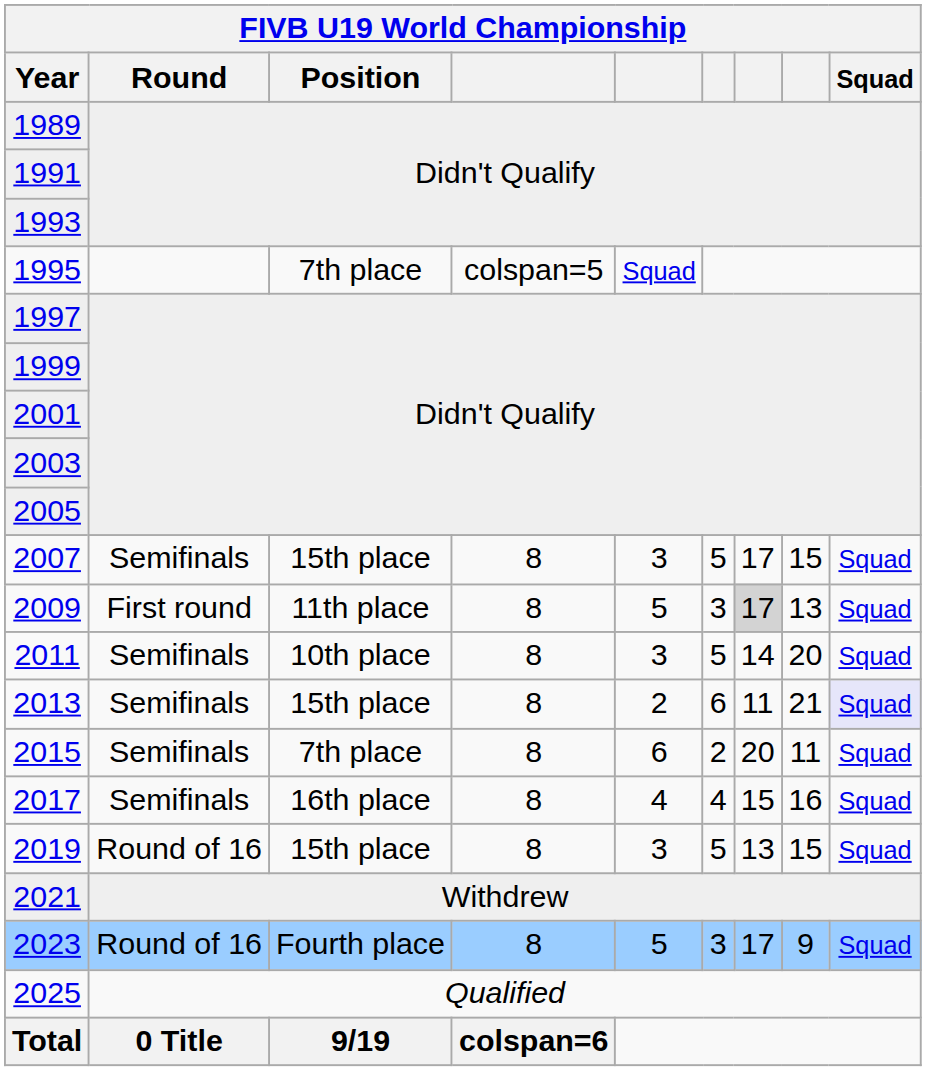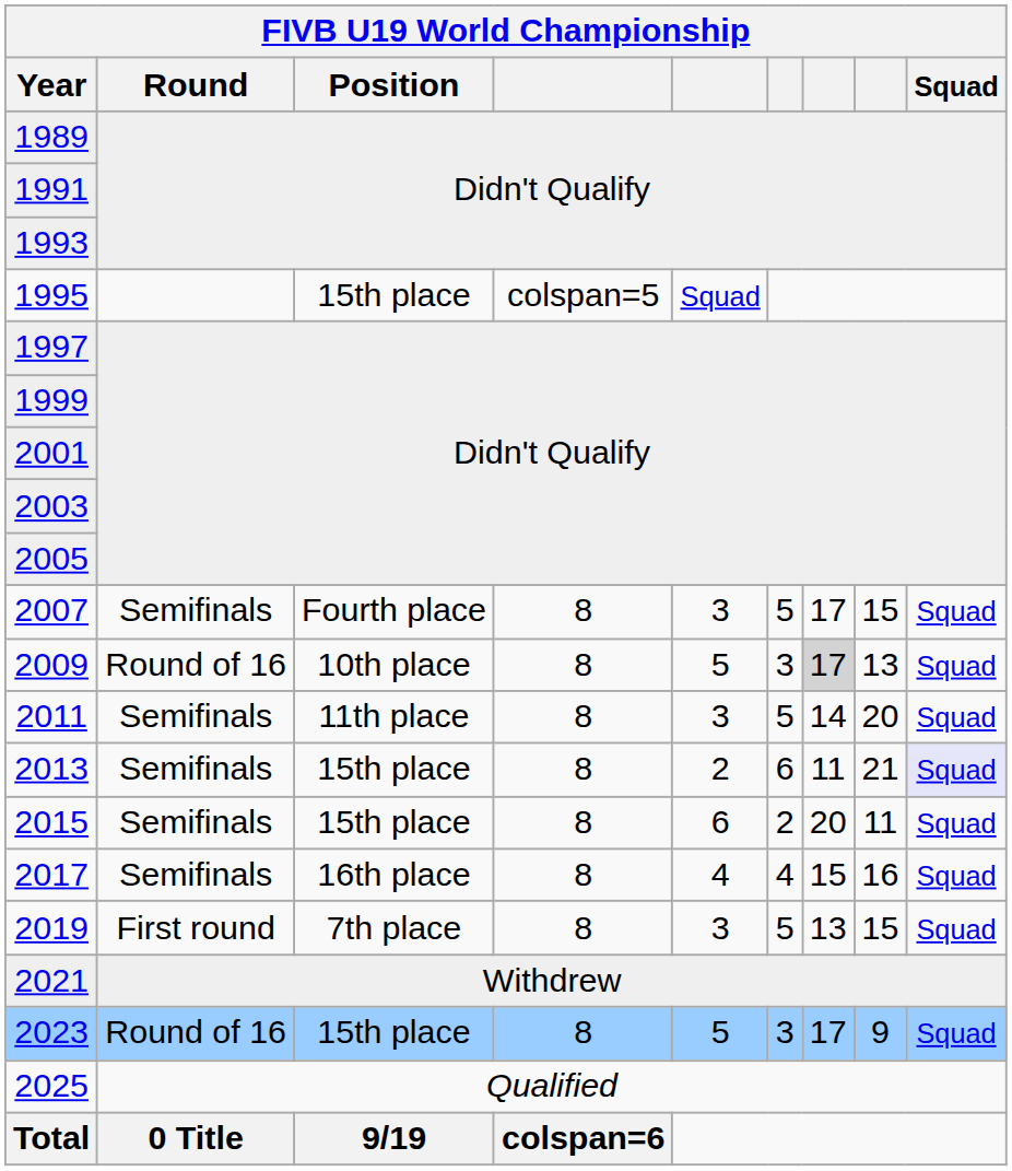 <table class="wikitable" style="text-align: center;">
 <tr>
 <th colspan=9><a href='#'>FIVB U19 World Championship</a></th>
 </tr>
 <tr>
 <th>Year</th>
 <th>Round</th>
 <th>Position</th>
 <th></th>
 <th></th>
 <th></th>
 <th></th>
 <th></th>
 <th><small>Squad</small></th>
 </tr>
 <tr bgcolor="efefef">
 <td> <a href='#'>1989</a></td>
 <td colspan=9 rowspan=3>Didn't Qualify</td>
 </tr>
 <tr bgcolor="efefef">
 <td> <a href='#'>1991</a></td>
 </tr>
 <tr bgcolor="efefef">
 <td> <a href='#'>1993</a></td>
 </tr>
 <tr>
 <td> <a href='#'>1995</a></td>
 <td></td>
-<td>7th place</td>
+<td>15th place</td>
 <td>colspan=5 </td>
 <td><small> <a href='#'>Squad</a></small></td>
 </tr>
 <tr bgcolor="efefef">
 <td> <a href='#'>1997</a></td>
 <td colspan=9 rowspan=5>Didn't Qualify</td>
 </tr>
 <tr bgcolor="efefef">
 <td> <a href='#'>1999</a></td>
 </tr>
 <tr bgcolor="efefef">
 <td> <a href='#'>2001</a></td>
 </tr>
 <tr bgcolor="efefef">
 <td> <a href='#'>2003</a></td>
 </tr>
 <tr bgcolor="efefef">
 <td> <a href='#'>2005</a></td>
 </tr>
 <tr>
 <td> <a href='#'>2007</a></td>
 <td>Semifinals</td>
-<td>15th place</td>
+<td>Fourth place</td>
 <td>8</td>
 <td>3</td>
 <td>5</td>
 <td>17</td>
 <td>15</td>
 <td><small> <a href='#'>Squad</a></small></td>
 </tr>
 <tr>
 <td> <a href='#'>2009</a></td>
-<td>First round</td>
-<td>11th place</td>
+<td>Round of 16</td>
+<td>10th place</td>
 <td>8</td>
 <td>5</td>
 <td>3</td>
 <td style="background: lightgrey;">17</td>
 <td>13</td>
 <td><small><a href='#'>Squad</a></small></td>
 </tr>
 <tr>
 <td> <a href='#'>2011</a></td>
 <td>Semifinals</td>
-<td>10th place</td>
+<td>11th place</td>
 <td>8</td>
 <td>3</td>
 <td>5</td>
 <td>14</td>
 <td>20</td>
 <td><small><a href='#'>Squad</a></small></td>
 </tr>
 <tr>
 <td> <a href='#'>2013</a></td>
 <td>Semifinals</td>
 <td>15th place</td>
 <td>8</td>
 <td>2</td>
 <td>6</td>
 <td>11</td>
 <td>21</td>
 <td style="background: lavender;"><small> <a href='#'>Squad</a></small></td>
 </tr>
 <tr>
 <td> <a href='#'>2015</a></td>
 <td>Semifinals</td>
-<td>7th place</td>
+<td>15th place</td>
 <td>8</td>
 <td>6</td>
 <td>2</td>
 <td>20</td>
 <td>11</td>
 <td><small><a href='#'>Squad</a></small></td>
 </tr>
 <tr>
 <td> <a href='#'>2017</a></td>
 <td>Semifinals</td>
 <td>16th place</td>
 <td>8</td>
 <td>4</td>
 <td>4</td>
 <td>15</td>
 <td>16</td>
 <td><small><a href='#'>Squad</a></small></td>
 </tr>
 <tr>
 <td> <a href='#'>2019</a></td>
-<td>Round of 16</td>
-<td>15th place</td>
+<td>First round</td>
+<td>7th place</td>
 <td>8</td>
 <td>3</td>
 <td>5</td>
 <td>13</td>
 <td>15</td>
 <td><small><a href='#'>Squad</a></small></td>
 </tr>
 <tr bgcolor="efefef">
 <td> <a href='#'>2021</a></td>
 <td colspan=8>Withdrew</td>
 </tr>
 <tr bgcolor=#9acdff>
 <td> <a href='#'>2023</a></td>
 <td>Round of 16</td>
-<td>Fourth place</td>
+<td>15th place</td>
 <td>8</td>
 <td>5</td>
 <td>3</td>
 <td>17</td>
 <td>9</td>
 <td><small><a href='#'>Squad</a></small></td>
 </tr>
 <tr>
 <td> <a href='#'>2025</a></td>
 <td colspan=8><em>Qualified</em></td>
 </tr>
 <tr>
 <th>Total</th>
 <th>0 Title</th>
 <th>9/19</th>
 <th>colspan=6 </th>
 </tr>
 </table>
